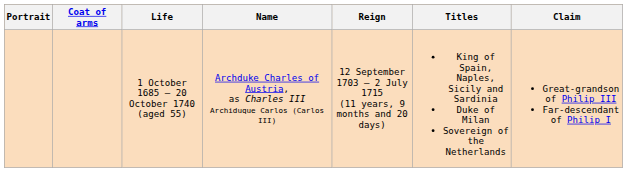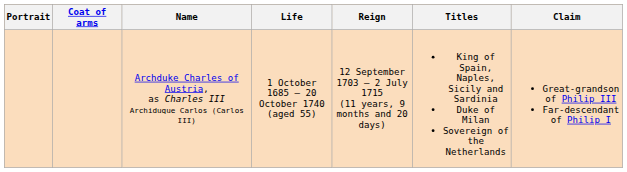 <table style="text-align:center; background:#FBDDBD; width:100%" class="wikitable">
 <tr>
 <th>Portrait</th>
 <th><a href='#'>Coat of arms</a></th>
+<th width=21%>Name</th>
 <th width=13%>Life</th>
-<th width=21%>Name</th>
 <th width=13%>Reign</th>
 <th width=16%>Titles</th>
 <th width=18%>Claim</th>
 </tr>
 <tr ->
 <td></td>
 <td> </td>
+<td><a href='#'>Archduke Charles of Austria</a>,<br> as <em>Charles III</em><br> <small>Archiduque Carlos (Carlos III)</small></td>
 <td>1 October 1685 –  20 October 1740 (aged 55)</td>
-<td><a href='#'>Archduke Charles of Austria</a>,<br> as <em>Charles III</em><br> <small>Archiduque Carlos (Carlos III)</small></td>
 <td>12 September 1703 – 2 July 1715<br>(11 years, 9 months and 20 days)</td>
 <td><br><ul><li>King of Spain, Naples, Sicily and Sardinia</li><li>Duke of Milan</li><li>Sovereign of the Netherlands</li></ul></td>
 <td><br><ul><li>Great-grandson of <a href='#'>Philip III</a></li><li>Far-descendant of <a href='#'>Philip I</a></li></ul></td>
 </tr>
 </table>
